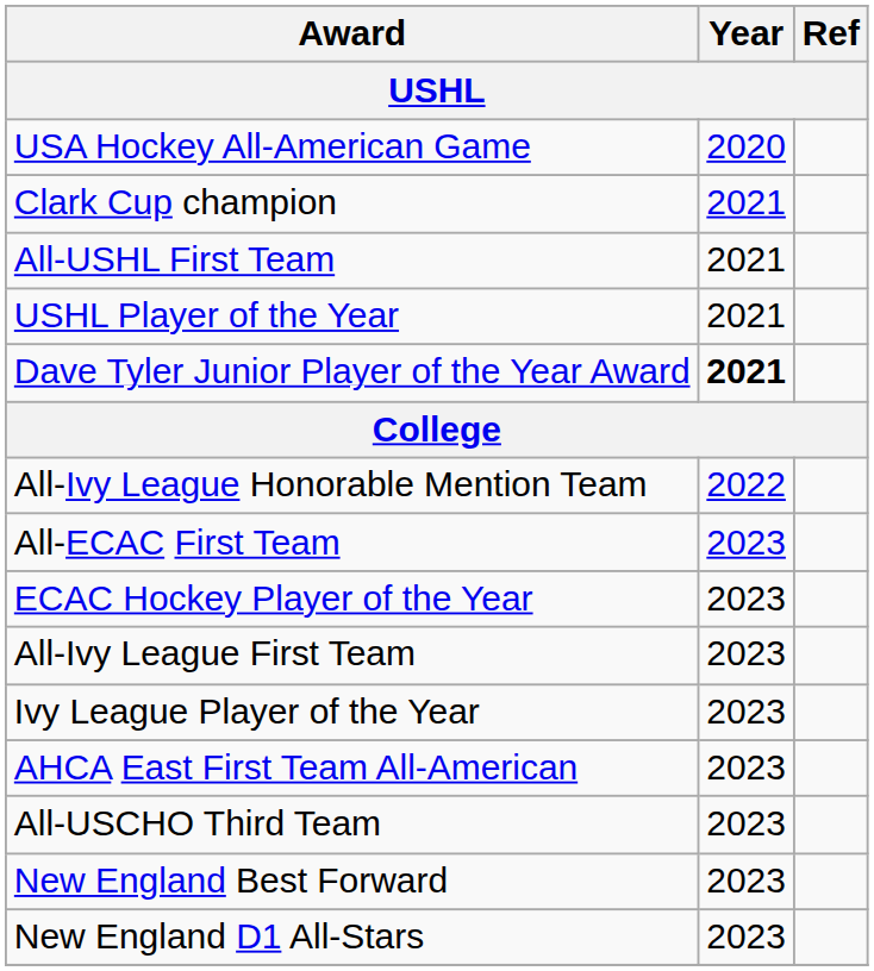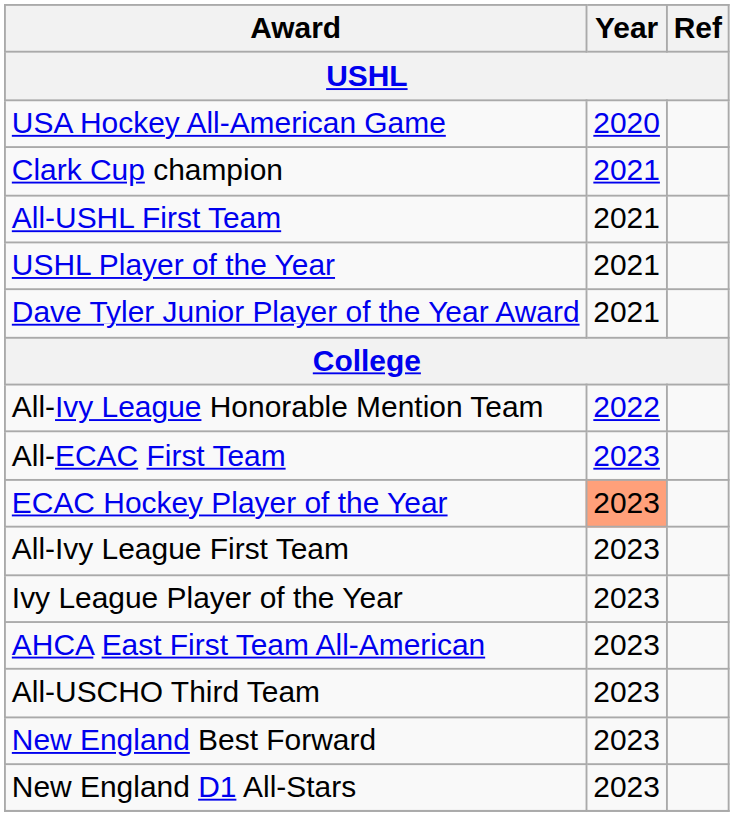 <table class="wikitable">
 <tr>
 <th>Award</th>
 <th>Year</th>
 <th>Ref</th>
 </tr>
 <tr ALIGN="center" bgcolor="#e0e0e0">
 <th colspan="3"><a href='#'>USHL</a></th>
 </tr>
 <tr>
 <td><a href='#'>USA Hockey All-American Game</a></td>
 <td><a href='#'>2020</a></td>
 <td></td>
 </tr>
 <tr>
 <td><a href='#'>Clark Cup</a> champion</td>
 <td><a href='#'>2021</a></td>
 <td></td>
 </tr>
 <tr>
 <td><a href='#'>All-USHL First Team</a></td>
 <td>2021</td>
 <td></td>
 </tr>
 <tr>
 <td><a href='#'>USHL Player of the Year</a></td>
 <td>2021</td>
 <td></td>
 </tr>
 <tr>
 <td><a href='#'>Dave Tyler Junior Player of the Year Award</a></td>
-<td><strong>2021</strong></td>
+<td>2021</td>
 <td></td>
 </tr>
 <tr>
 <th colspan="3"><a href='#'>College</a></th>
 </tr>
 <tr>
 <td>All-<a href='#'>Ivy League</a> Honorable Mention Team</td>
 <td><a href='#'>2022</a></td>
 <td></td>
 </tr>
 <tr>
 <td>All-<a href='#'>ECAC</a> <a href='#'>First Team</a></td>
 <td><a href='#'>2023</a></td>
 <td></td>
 </tr>
 <tr>
 <td><a href='#'>ECAC Hockey Player of the Year</a></td>
-<td>2023</td>
+<td style="background: lightsalmon;">2023</td>
 <td></td>
 </tr>
 <tr>
 <td>All-Ivy League First Team</td>
 <td>2023</td>
 <td></td>
 </tr>
 <tr>
 <td>Ivy League Player of the Year</td>
 <td>2023</td>
 <td></td>
 </tr>
 <tr>
 <td><a href='#'>AHCA</a> <a href='#'>East First Team All-American</a></td>
 <td>2023</td>
 <td></td>
 </tr>
 <tr>
 <td>All-USCHO Third Team</td>
 <td>2023</td>
 <td></td>
 </tr>
 <tr>
 <td><a href='#'>New England</a> Best Forward</td>
 <td>2023</td>
 <td></td>
 </tr>
 <tr>
 <td>New England <a href='#'>D1</a> All-Stars</td>
 <td>2023</td>
 <td></td>
 </tr>
 <tr>
 </tr>
 </table>
